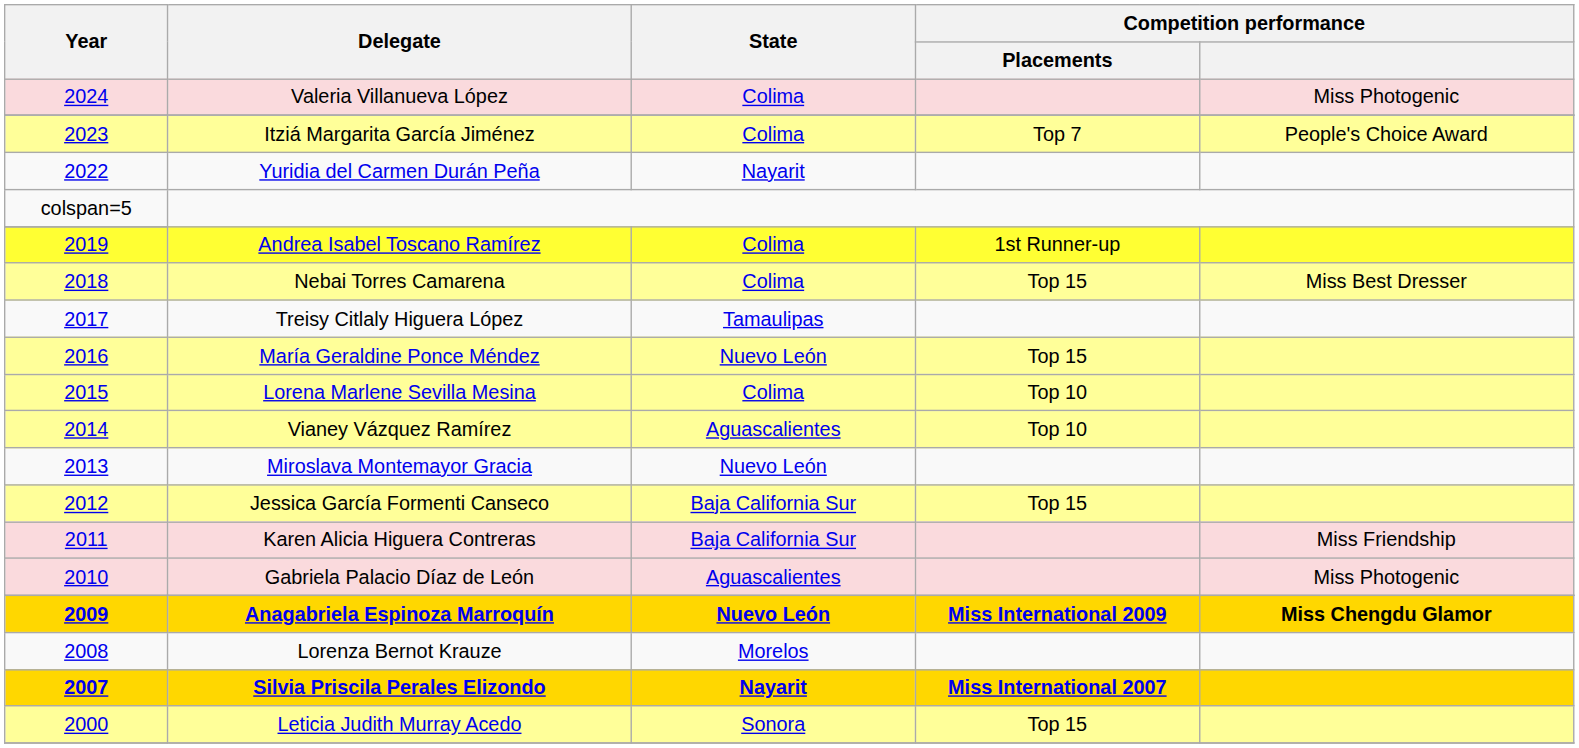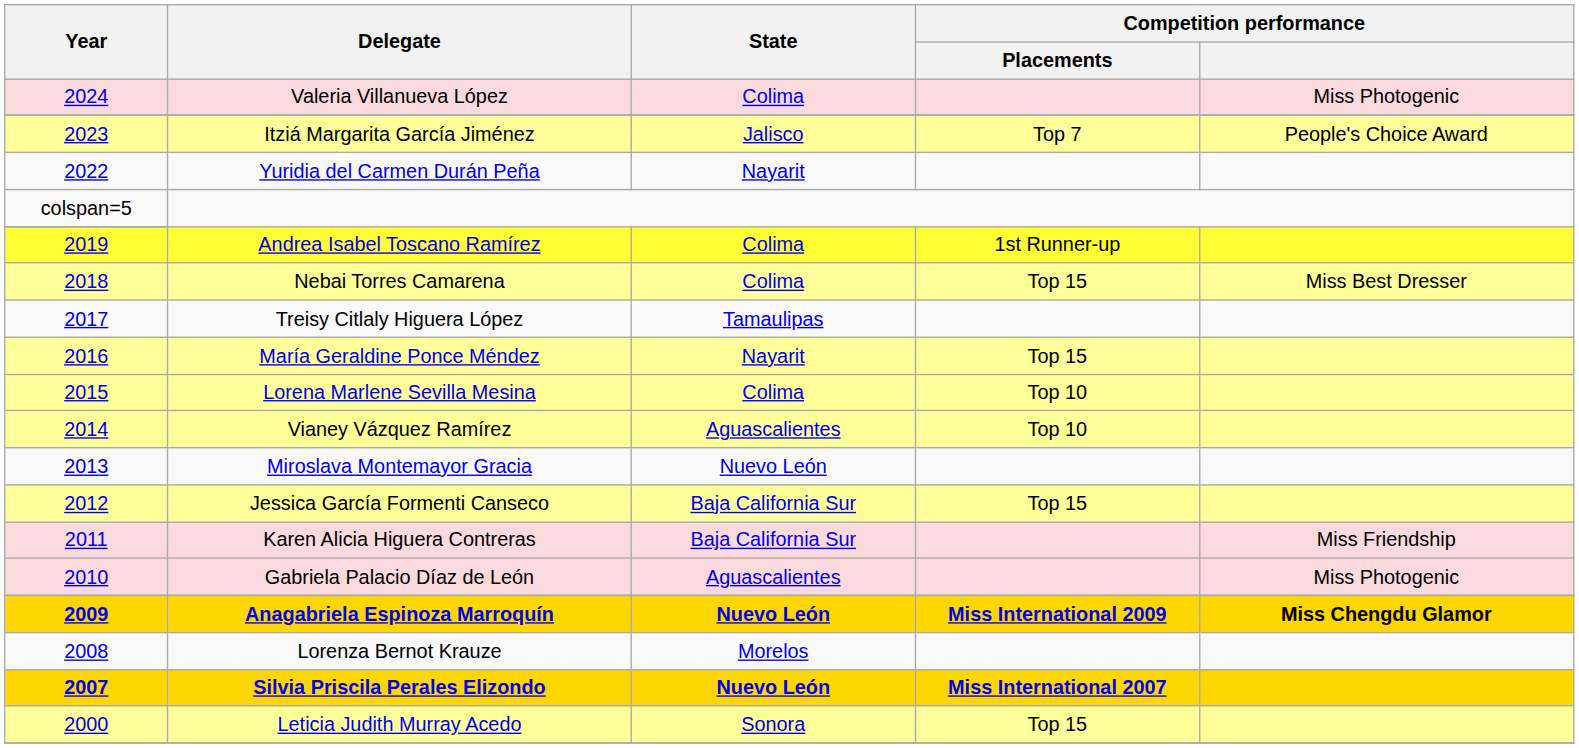 <table class="wikitable" style="text-align:center; line-height:20px; font-size:90%; width:90%;">
 <tr>
 <th rowspan="2"  width=60px>Year</th>
 <th rowspan="2"  width=200px>Delegate</th>
 <th rowspan="2"  width=120px>State</th>
 <th colspan="2"  width=200px>Competition performance</th>
 </tr>
 <tr>
 <th width=120px>Placements</th>
 <th width=160px></th>
 </tr>
 <tr style="background-color:#FADADD;">
 <td><a href='#'>2024</a></td>
 <td>Valeria Villanueva López</td>
 <td><a href='#'>Colima</a></td>
 <td></td>
 <td>Miss Photogenic</td>
 </tr>
 <tr>
 </tr>
 <tr style="background-color:#FFFF99">
 <td><a href='#'>2023</a></td>
 <td>Itziá Margarita García Jiménez</td>
-<td><a href='#'>Colima</a></td>
+<td><a href='#'>Jalisco</a></td>
 <td>Top 7</td>
 <td>People's Choice Award</td>
 </tr>
 <tr>
 <td><a href='#'>2022</a></td>
 <td><a href='#'>Yuridia del Carmen Durán Peña</a></td>
 <td><a href='#'>Nayarit</a></td>
 <td></td>
 <td></td>
 </tr>
 <tr>
 <td>colspan=5 </td>
 </tr>
 <tr>
 </tr>
 <tr style="background-color:#FFFF33">
 <td><a href='#'>2019</a></td>
 <td><a href='#'>Andrea Isabel Toscano Ramírez</a></td>
 <td><a href='#'>Colima</a></td>
 <td>1st Runner-up</td>
 <td></td>
 </tr>
 <tr style="background-color:#FFFF99">
 <td><a href='#'>2018</a></td>
 <td>Nebai Torres Camarena</td>
 <td><a href='#'>Colima</a></td>
 <td>Top 15</td>
 <td>Miss Best Dresser</td>
 </tr>
 <tr>
 <td><a href='#'>2017</a></td>
 <td>Treisy Citlaly Higuera López</td>
 <td><a href='#'>Tamaulipas</a></td>
 <td></td>
 <td></td>
 </tr>
 <tr style="background-color:#FFFF99">
 <td><a href='#'>2016</a></td>
 <td><a href='#'>María Geraldine Ponce Méndez</a></td>
-<td><a href='#'>Nuevo León</a></td>
+<td><a href='#'>Nayarit</a></td>
 <td>Top 15</td>
 <td></td>
 </tr>
 <tr style="background-color:#FFFF99">
 <td><a href='#'>2015</a></td>
 <td><a href='#'>Lorena Marlene Sevilla Mesina</a></td>
 <td><a href='#'>Colima</a></td>
 <td>Top 10</td>
 <td></td>
 </tr>
 <tr style="background-color:#FFFF99">
 <td><a href='#'>2014</a></td>
 <td>Vianey Vázquez Ramírez</td>
 <td><a href='#'>Aguascalientes</a></td>
 <td>Top 10</td>
 <td></td>
 </tr>
 <tr>
 <td><a href='#'>2013</a></td>
 <td><a href='#'>Miroslava Montemayor Gracia</a></td>
 <td><a href='#'>Nuevo León</a></td>
 <td></td>
 <td></td>
 </tr>
 <tr style="background-color:#FFFF99">
 <td><a href='#'>2012</a></td>
 <td>Jessica García Formenti Canseco</td>
 <td><a href='#'>Baja California Sur</a></td>
 <td>Top 15</td>
 <td></td>
 </tr>
 <tr style="background-color:#FADADD;">
 <td><a href='#'>2011</a></td>
 <td>Karen Alicia Higuera Contreras</td>
 <td><a href='#'>Baja California Sur</a></td>
 <td></td>
 <td>Miss Friendship</td>
 </tr>
 <tr style="background-color:#FADADD;">
 <td><a href='#'>2010</a></td>
 <td>Gabriela Palacio Díaz de León</td>
 <td><a href='#'>Aguascalientes</a></td>
 <td></td>
 <td>Miss Photogenic</td>
 </tr>
 <tr>
 </tr>
 <tr style="background-color:gold; font-weight: bold">
 <td><a href='#'>2009</a></td>
 <td><a href='#'>Anagabriela Espinoza Marroquín</a></td>
 <td><a href='#'>Nuevo León</a></td>
 <td><a href='#'>Miss International 2009</a></td>
 <td>Miss Chengdu Glamor</td>
 </tr>
 <tr>
 <td><a href='#'>2008</a></td>
 <td>Lorenza Bernot Krauze</td>
 <td><a href='#'>Morelos</a></td>
 <td></td>
 <td></td>
 </tr>
 <tr style="background-color:gold; font-weight: bold">
 <td><a href='#'>2007</a></td>
 <td><a href='#'>Silvia Priscila Perales Elizondo</a></td>
-<td><a href='#'>Nayarit</a></td>
+<td><a href='#'>Nuevo León</a></td>
 <td><a href='#'>Miss International 2007</a></td>
 <td></td>
 </tr>
 <tr style="background-color:#FFFF99">
 <td><a href='#'>2000</a></td>
 <td><a href='#'>Leticia Judith Murray Acedo</a></td>
 <td><a href='#'>Sonora</a></td>
 <td>Top 15</td>
 <td></td>
 </tr>
 <tr>
 </tr>
 </table>
